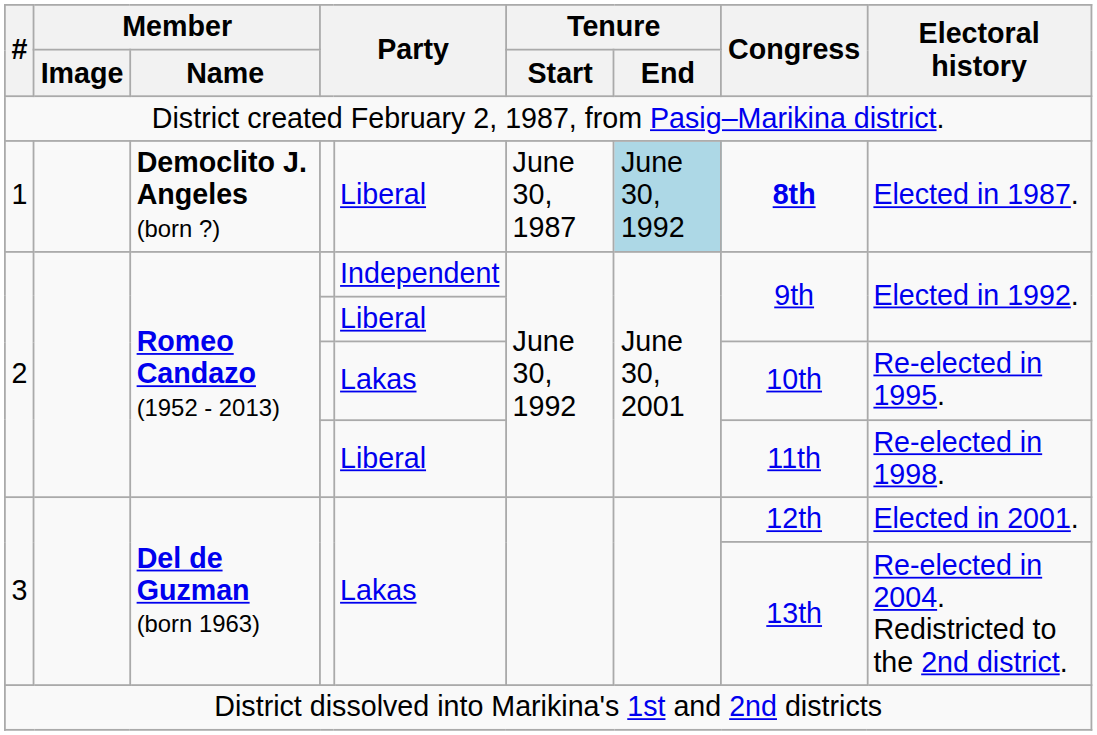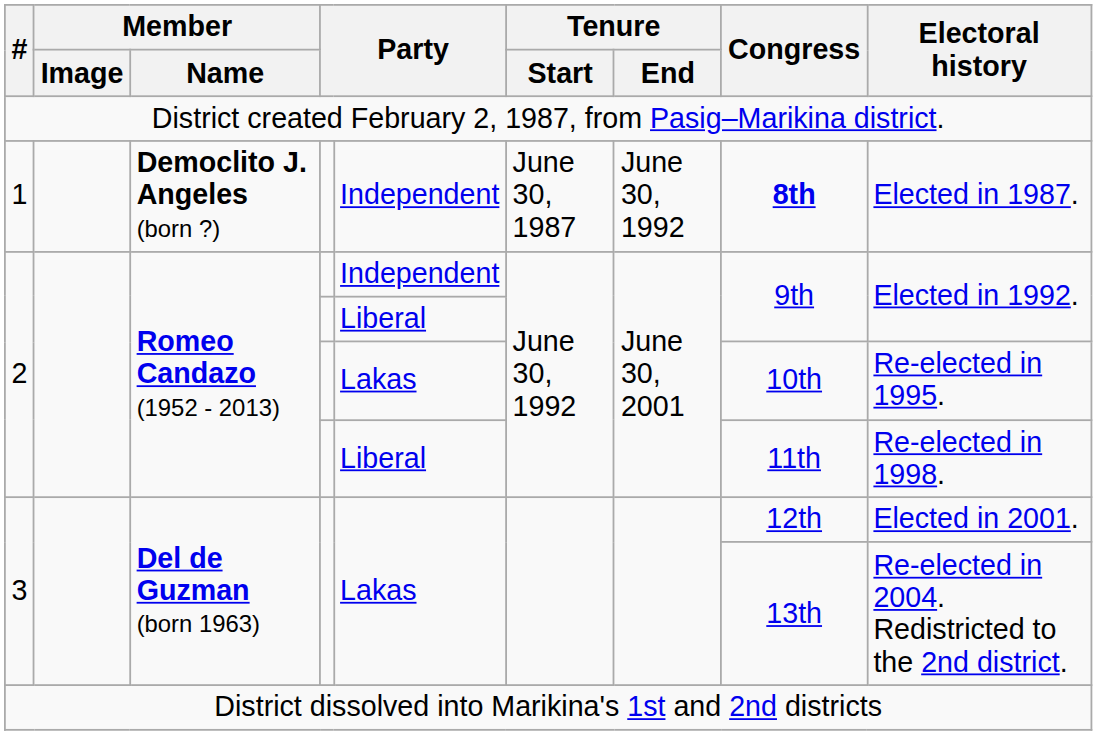 <table class="wikitable">
 <tr>
 <th rowspan="2">#</th>
 <th colspan="2">Member</th>
 <th colspan="2" rowspan="2">Party</th>
 <th colspan="2">Tenure</th>
 <th rowspan="2">Congress</th>
 <th rowspan="2">Electoral history</th>
 </tr>
 <tr>
 <th>Image</th>
 <th>Name<br></th>
 <th>Start</th>
 <th>End</th>
 </tr>
 <tr>
 <td colspan="10" style="text-align:center;">District created February 2, 1987, from <a href='#'>Pasig–Marikina district</a>.</td>
 </tr>
 <tr>
 <td style="text-align:center;">1</td>
 <td></td>
 <td><strong>Democlito J. Angeles</strong><br><small>(born ?)</small></td>
 <td style="color:inherit;background:"></td>
-<td><a href='#'>Liberal</a></td>
+<td><a href='#'>Independent</a></td>
 <td>June 30, 1987</td>
-<td style="background: lightblue;">June 30, 1992</td>
+<td>June 30, 1992</td>
 <td style="text-align:center;"><strong><a href='#'>8th</a></strong></td>
 <td><a href='#'>Elected in 1987</a>.</td>
 </tr>
 <tr>
 <td rowspan="4" style="text-align:center;">2</td>
 <td rowspan="4"></td>
 <td rowspan=4><strong><a href='#'>Romeo Candazo</a></strong><br><small>(1952 - 2013)</small></td>
 <td style="color:inherit;background:"></td>
 <td><a href='#'>Independent</a></td>
 <td rowspan="4">June 30, 1992</td>
 <td rowspan="4">June 30, 2001</td>
 <td rowspan="2" style="text-align:center;"><a href='#'>9th</a></td>
 <td rowspan="2"><a href='#'>Elected in 1992</a>.</td>
 </tr>
 <tr>
 <td style="color:inherit;background:"></td>
 <td><a href='#'>Liberal</a></td>
 </tr>
 <tr>
 <td style="color:inherit;background:"></td>
 <td><a href='#'>Lakas</a></td>
 <td style="text-align:center;"><a href='#'>10th</a></td>
 <td><a href='#'>Re-elected in 1995</a>.</td>
 </tr>
 <tr>
 <td style="color:inherit;background:"></td>
 <td><a href='#'>Liberal</a></td>
 <td style="text-align:center;"><a href='#'>11th</a></td>
 <td><a href='#'>Re-elected in 1998</a>.</td>
 </tr>
 <tr>
 <td rowspan="2" style="text-align:center;">3</td>
 <td rowspan="2"></td>
 <td rowspan="2"><strong><a href='#'>Del de Guzman</a></strong><br><small>(born 1963)</small></td>
 <td rowspan="2" style="color:inherit;background:"></td>
 <td rowspan="2"><a href='#'>Lakas</a></td>
 <td rowspan="2"></td>
 <td rowspan="2"></td>
 <td style="text-align:center;"><a href='#'>12th</a></td>
 <td><a href='#'>Elected in 2001</a>.</td>
 </tr>
 <tr>
 <td style="text-align:center;"><a href='#'>13th</a></td>
 <td><a href='#'>Re-elected in 2004</a>.<br>Redistricted to the <a href='#'>2nd district</a>.</td>
 </tr>
 <tr>
 <td colspan="10" style="text-align:center;">District dissolved into Marikina's <a href='#'>1st</a> and <a href='#'>2nd</a> districts</td>
 </tr>
 </table>
